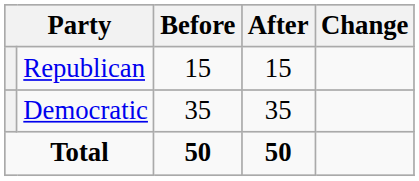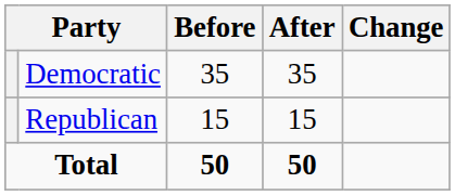 <table class="wikitable" style="text-align:center;">
 <tr>
 <th colspan="2">Party</th>
 <th>Before</th>
 <th>After</th>
 <th>Change</th>
 </tr>
 <tr>
 <th style="background-color:"></th>
-<td style="text-align:left;"><a href='#'>Republican</a></td>
-<td>15</td>
-<td>15</td>
+<td style="text-align:left;"><a href='#'>Democratic</a></td>
+<td>35</td>
+<td>35</td>
 <td></td>
 </tr>
 <tr>
 <th style="background-color:"></th>
-<td style="text-align:left;"><a href='#'>Democratic</a></td>
-<td>35</td>
-<td>35</td>
+<td style="text-align:left;"><a href='#'>Republican</a></td>
+<td>15</td>
+<td>15</td>
 <td></td>
 </tr>
 <tr>
 <td colspan="2"><strong>Total</strong></td>
 <td><strong>50</strong></td>
 <td><strong>50</strong></td>
 <td></td>
 </tr>
 </table>
